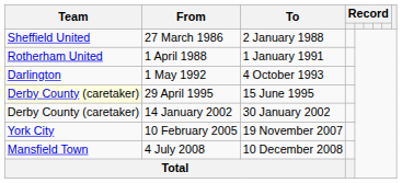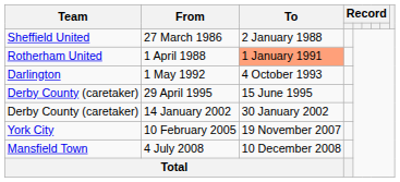 <table class=wikitable style="text-align:center">
 <tr>
 <th rowspan=2>Team</th>
 <th rowspan=2>From</th>
 <th rowspan=2>To</th>
 <th colspan=5>Record</th>
 <th rowspan=2></th>
 </tr>
 <tr>
 <th></th>
 <th></th>
 <th></th>
 <th></th>
 <th></th>
 </tr>
 <tr>
 <td align=left><a href='#'>Sheffield United</a></td>
 <td align=left>27 March 1986</td>
 <td align=left>2 January 1988<br></td>
 <td></td>
 </tr>
 <tr>
 <td align=left><a href='#'>Rotherham United</a></td>
 <td align=left>1 April 1988</td>
-<td align=left>1 January 1991<br></td>
+<td align=left style="background: lightsalmon;">1 January 1991<br></td>
 <td></td>
 </tr>
 <tr>
 <td align=left><a href='#'>Darlington</a></td>
 <td align=left>1 May 1992</td>
 <td align=left>4 October 1993<br></td>
 <td></td>
 </tr>
 <tr>
-<td align=left style="background: lightyellow;"><a href='#'>Derby County</a> (caretaker)</td>
+<td align=left><a href='#'>Derby County</a> (caretaker)</td>
 <td align=left>29 April 1995</td>
 <td align=left>15 June 1995<br></td>
 <td></td>
 </tr>
 <tr>
 <td align=left>Derby County (caretaker)</td>
 <td align=left>14 January 2002</td>
 <td align=left>30 January 2002<br></td>
 <td></td>
 </tr>
 <tr>
 <td align=left><a href='#'>York City</a></td>
 <td align=left>10 February 2005</td>
 <td align=left>19 November 2007<br></td>
 <td></td>
 </tr>
 <tr>
 <td align=left><a href='#'>Mansfield Town</a></td>
 <td align=left>4 July 2008</td>
 <td align=left>10 December 2008<br></td>
 <td></td>
 </tr>
 <tr>
 <th colspan="3">Total<br></th>
 <th></th>
 </tr>
 </table>
